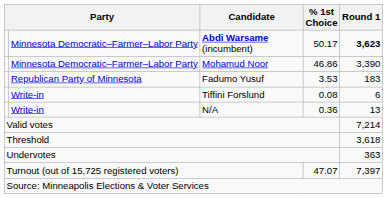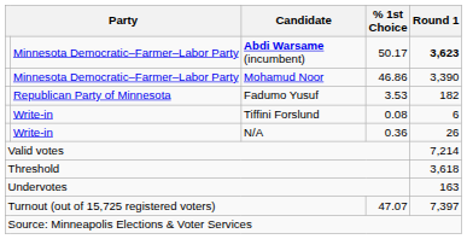 <table class="wikitable">
 <tr>
 <th colspan="2" style="width:290px">Party</th>
 <th style="width:165px">Candidate</th>
 <th>% 1st<br>Choice</th>
 <th>Round 1</th>
 </tr>
 <tr>
 <td style="background-color:"></td>
 <td><a href='#'>Minnesota Democratic–Farmer–Labor Party</a></td>
 <td><strong><a href='#'>Abdi Warsame</a></strong> (incumbent)</td>
 <td align="right">50.17</td>
 <td align="right"><strong>3,623</strong></td>
 </tr>
 <tr>
 <td style="background-color:"></td>
 <td><a href='#'>Minnesota Democratic–Farmer–Labor Party</a></td>
 <td><a href='#'>Mohamud Noor</a></td>
 <td align="right">46.86</td>
 <td align="right">3,390</td>
 </tr>
 <tr>
 <td style="background-color:"></td>
 <td><a href='#'>Republican Party of Minnesota</a></td>
 <td>Fadumo Yusuf</td>
 <td align="right">3.53</td>
-<td align="right">183</td>
+<td align="right">182</td>
 </tr>
 <tr>
 <td style="background-color:"></td>
 <td><a href='#'>Write-in</a></td>
 <td>Tiffini Forslund</td>
 <td align="right">0.08</td>
 <td align="right">6</td>
 </tr>
 <tr>
 <td style="background-color:"></td>
 <td><a href='#'>Write-in</a></td>
 <td>N/A</td>
 <td align="right">0.36</td>
-<td align="right">13</td>
+<td align="right">26</td>
 </tr>
 <tr>
 <td colspan="4">Valid votes</td>
 <td align="right">7,214</td>
 </tr>
 <tr>
 <td colspan="4">Threshold</td>
 <td align="right">3,618</td>
 </tr>
 <tr>
 <td colspan="4">Undervotes</td>
-<td align="right">363</td>
+<td align="right">163</td>
 </tr>
 <tr>
 <td colspan="3">Turnout (out of 15,725 registered voters)</td>
 <td align="right">47.07</td>
 <td align="right">7,397</td>
 </tr>
 <tr>
 <td colspan="5">Source: Minneapolis Elections & Voter Services</td>
 </tr>
 </table>
